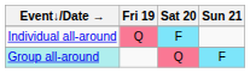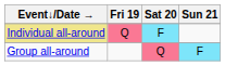 <table class="wikitable" style="margin:0.5em auto; font-size:90%; line-height:1.25em;">
 <tr style="text-align:center;">
 <th>Event↓/Date →</th>
 <th>Fri 19</th>
 <th>Sat 20</th>
 <th>Sun 21</th>
 </tr>
 <tr>
 </tr>
 <tr style="text-align:center;">
-<td style="text-align:left;"><a href='#'>Individual all-around</a></td>
+<td style="background: khaki; text-align:left;"><a href='#'>Individual all-around</a></td>
 <td style="background-color:#FA7894;">Q</td>
 <td style="background-color:#7DE5FA;">F</td>
 <td></td>
 </tr>
 <tr>
 </tr>
 <tr style="text-align:center;">
-<td style="background: paleturquoise; text-align:left;"><a href='#'>Group all-around</a></td>
+<td style="text-align:left;"><a href='#'>Group all-around</a></td>
 <td></td>
 <td style="background-color:#FA7894;">Q</td>
 <td style="background-color:#7DE5FA;">F</td>
 </tr>
 </table>
